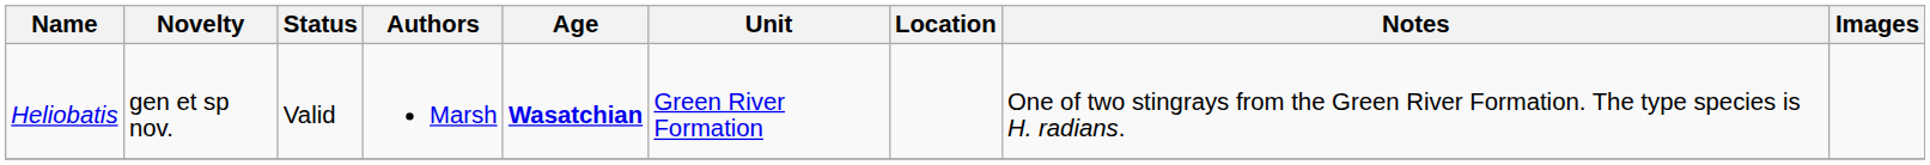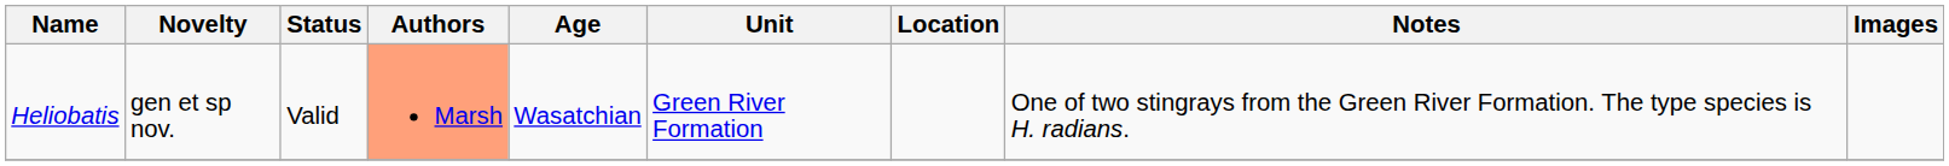 <table class="wikitable sortable" align="center" width="100%">
 <tr>
 <th>Name</th>
 <th>Novelty</th>
 <th>Status</th>
 <th>Authors</th>
 <th>Age</th>
 <th>Unit</th>
 <th>Location</th>
 <th>Notes</th>
 <th>Images</th>
 </tr>
 <tr>
 <td><br><em><a href='#'>Heliobatis</a></em></td>
 <td><br>gen et sp nov.</td>
 <td><br>Valid</td>
-<td><br><ul><li><a href='#'>Marsh</a></li></ul></td>
-<td><strong><br><a href='#'>Wasatchian</a></strong></td>
+<td style="background: lightsalmon;"><br><ul><li><a href='#'>Marsh</a></li></ul></td>
+<td><br><a href='#'>Wasatchian</a></td>
 <td><br><a href='#'>Green River Formation</a></td>
 <td><br></td>
 <td><br>One of two stingrays from the Green River Formation. The type species is <em>H. radians</em>.</td>
 <td><br></td>
 </tr>
 <tr>
 </tr>
 </table>
